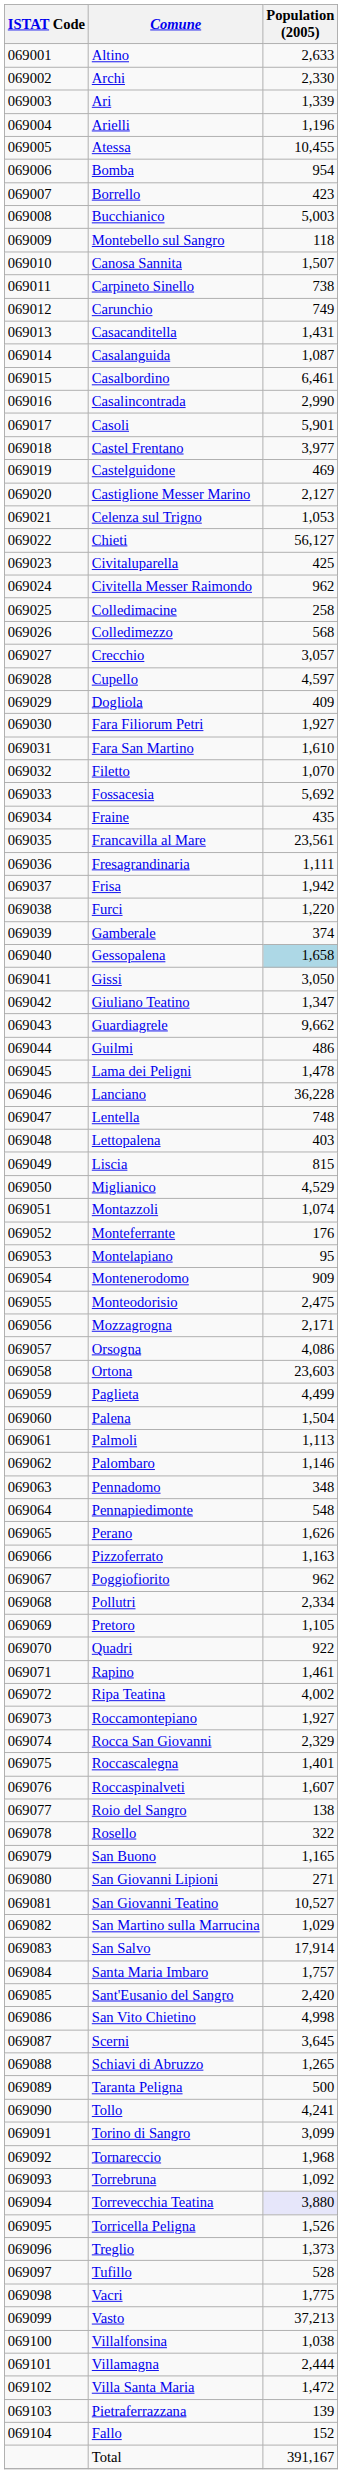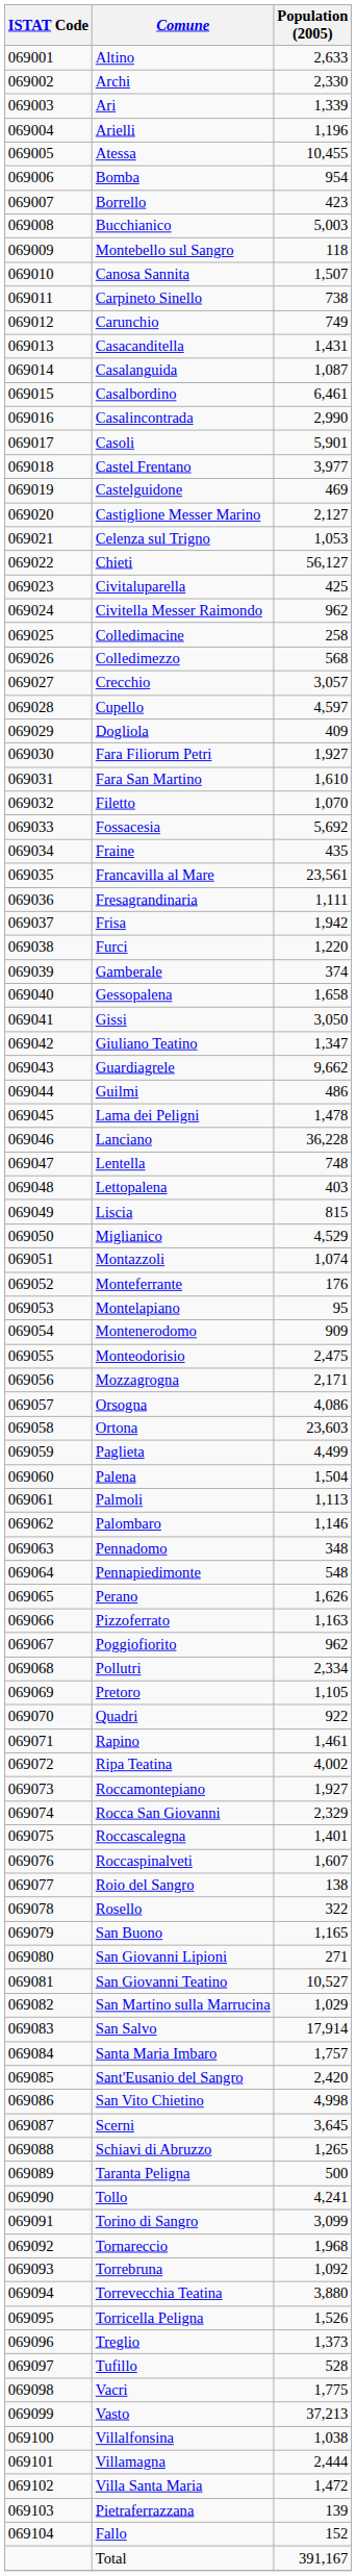 <table class="wikitable sortable">
 <tr>
 <th><a href='#'>ISTAT</a> Code</th>
 <th><em><a href='#'>Comune</a></em></th>
 <th>Population <br>(2005)</th>
 </tr>
 <tr>
 <td>069001</td>
 <td><a href='#'>Altino</a></td>
 <td align="right">2,633</td>
 </tr>
 <tr>
 <td>069002</td>
 <td><a href='#'>Archi</a></td>
 <td align="right">2,330</td>
 </tr>
 <tr>
 <td>069003</td>
 <td><a href='#'>Ari</a></td>
 <td align="right">1,339</td>
 </tr>
 <tr>
 <td>069004</td>
 <td><a href='#'>Arielli</a></td>
 <td align="right">1,196</td>
 </tr>
 <tr>
 <td>069005</td>
 <td><a href='#'>Atessa</a></td>
 <td align="right">10,455</td>
 </tr>
 <tr>
 <td>069006</td>
 <td><a href='#'>Bomba</a></td>
 <td align="right">954</td>
 </tr>
 <tr>
 <td>069007</td>
 <td><a href='#'>Borrello</a></td>
 <td align="right">423</td>
 </tr>
 <tr>
 <td>069008</td>
 <td><a href='#'>Bucchianico</a></td>
 <td align="right">5,003</td>
 </tr>
 <tr>
 <td>069009</td>
 <td><a href='#'>Montebello sul Sangro</a></td>
 <td align="right">118</td>
 </tr>
 <tr>
 <td>069010</td>
 <td><a href='#'>Canosa Sannita</a></td>
 <td align="right">1,507</td>
 </tr>
 <tr>
 <td>069011</td>
 <td><a href='#'>Carpineto Sinello</a></td>
 <td align="right">738</td>
 </tr>
 <tr>
 <td>069012</td>
 <td><a href='#'>Carunchio</a></td>
 <td align="right">749</td>
 </tr>
 <tr>
 <td>069013</td>
 <td><a href='#'>Casacanditella</a></td>
 <td align="right">1,431</td>
 </tr>
 <tr>
 <td>069014</td>
 <td><a href='#'>Casalanguida</a></td>
 <td align="right">1,087</td>
 </tr>
 <tr>
 <td>069015</td>
 <td><a href='#'>Casalbordino</a></td>
 <td align="right">6,461</td>
 </tr>
 <tr>
 <td>069016</td>
 <td><a href='#'>Casalincontrada</a></td>
 <td align="right">2,990</td>
 </tr>
 <tr>
 <td>069017</td>
 <td><a href='#'>Casoli</a></td>
 <td align="right">5,901</td>
 </tr>
 <tr>
 <td>069018</td>
 <td><a href='#'>Castel Frentano</a></td>
 <td align="right">3,977</td>
 </tr>
 <tr>
 <td>069019</td>
 <td><a href='#'>Castelguidone</a></td>
 <td align="right">469</td>
 </tr>
 <tr>
 <td>069020</td>
 <td><a href='#'>Castiglione Messer Marino</a></td>
 <td align="right">2,127</td>
 </tr>
 <tr>
 <td>069021</td>
 <td><a href='#'>Celenza sul Trigno</a></td>
 <td align="right">1,053</td>
 </tr>
 <tr>
 <td>069022</td>
 <td><a href='#'>Chieti</a></td>
 <td align="right">56,127</td>
 </tr>
 <tr>
 <td>069023</td>
 <td><a href='#'>Civitaluparella</a></td>
 <td align="right">425</td>
 </tr>
 <tr>
 <td>069024</td>
 <td><a href='#'>Civitella Messer Raimondo</a></td>
 <td align="right">962</td>
 </tr>
 <tr>
 <td>069025</td>
 <td><a href='#'>Colledimacine</a></td>
 <td align="right">258</td>
 </tr>
 <tr>
 <td>069026</td>
 <td><a href='#'>Colledimezzo</a></td>
 <td align="right">568</td>
 </tr>
 <tr>
 <td>069027</td>
 <td><a href='#'>Crecchio</a></td>
 <td align="right">3,057</td>
 </tr>
 <tr>
 <td>069028</td>
 <td><a href='#'>Cupello</a></td>
 <td align="right">4,597</td>
 </tr>
 <tr>
 <td>069029</td>
 <td><a href='#'>Dogliola</a></td>
 <td align="right">409</td>
 </tr>
 <tr>
 <td>069030</td>
 <td><a href='#'>Fara Filiorum Petri</a></td>
 <td align="right">1,927</td>
 </tr>
 <tr>
 <td>069031</td>
 <td><a href='#'>Fara San Martino</a></td>
 <td align="right">1,610</td>
 </tr>
 <tr>
 <td>069032</td>
 <td><a href='#'>Filetto</a></td>
 <td align="right">1,070</td>
 </tr>
 <tr>
 <td>069033</td>
 <td><a href='#'>Fossacesia</a></td>
 <td align="right">5,692</td>
 </tr>
 <tr>
 <td>069034</td>
 <td><a href='#'>Fraine</a></td>
 <td align="right">435</td>
 </tr>
 <tr>
 <td>069035</td>
 <td><a href='#'>Francavilla al Mare</a></td>
 <td align="right">23,561</td>
 </tr>
 <tr>
 <td>069036</td>
 <td><a href='#'>Fresagrandinaria</a></td>
 <td align="right">1,111</td>
 </tr>
 <tr>
 <td>069037</td>
 <td><a href='#'>Frisa</a></td>
 <td align="right">1,942</td>
 </tr>
 <tr>
 <td>069038</td>
 <td><a href='#'>Furci</a></td>
 <td align="right">1,220</td>
 </tr>
 <tr>
 <td>069039</td>
 <td><a href='#'>Gamberale</a></td>
 <td align="right">374</td>
 </tr>
 <tr>
 <td>069040</td>
 <td><a href='#'>Gessopalena</a></td>
-<td align="right" style="background: lightblue;">1,658</td>
+<td align="right">1,658</td>
 </tr>
 <tr>
 <td>069041</td>
 <td><a href='#'>Gissi</a></td>
 <td align="right">3,050</td>
 </tr>
 <tr>
 <td>069042</td>
 <td><a href='#'>Giuliano Teatino</a></td>
 <td align="right">1,347</td>
 </tr>
 <tr>
 <td>069043</td>
 <td><a href='#'>Guardiagrele</a></td>
 <td align="right">9,662</td>
 </tr>
 <tr>
 <td>069044</td>
 <td><a href='#'>Guilmi</a></td>
 <td align="right">486</td>
 </tr>
 <tr>
 <td>069045</td>
 <td><a href='#'>Lama dei Peligni</a></td>
 <td align="right">1,478</td>
 </tr>
 <tr>
 <td>069046</td>
 <td><a href='#'>Lanciano</a></td>
 <td align="right">36,228</td>
 </tr>
 <tr>
 <td>069047</td>
 <td><a href='#'>Lentella</a></td>
 <td align="right">748</td>
 </tr>
 <tr>
 <td>069048</td>
 <td><a href='#'>Lettopalena</a></td>
 <td align="right">403</td>
 </tr>
 <tr>
 <td>069049</td>
 <td><a href='#'>Liscia</a></td>
 <td align="right">815</td>
 </tr>
 <tr>
 <td>069050</td>
 <td><a href='#'>Miglianico</a></td>
 <td align="right">4,529</td>
 </tr>
 <tr>
 <td>069051</td>
 <td><a href='#'>Montazzoli</a></td>
 <td align="right">1,074</td>
 </tr>
 <tr>
 <td>069052</td>
 <td><a href='#'>Monteferrante</a></td>
 <td align="right">176</td>
 </tr>
 <tr>
 <td>069053</td>
 <td><a href='#'>Montelapiano</a></td>
 <td align="right">95</td>
 </tr>
 <tr>
 <td>069054</td>
 <td><a href='#'>Montenerodomo</a></td>
 <td align="right">909</td>
 </tr>
 <tr>
 <td>069055</td>
 <td><a href='#'>Monteodorisio</a></td>
 <td align="right">2,475</td>
 </tr>
 <tr>
 <td>069056</td>
 <td><a href='#'>Mozzagrogna</a></td>
 <td align="right">2,171</td>
 </tr>
 <tr>
 <td>069057</td>
 <td><a href='#'>Orsogna</a></td>
 <td align="right">4,086</td>
 </tr>
 <tr>
 <td>069058</td>
 <td><a href='#'>Ortona</a></td>
 <td align="right">23,603</td>
 </tr>
 <tr>
 <td>069059</td>
 <td><a href='#'>Paglieta</a></td>
 <td align="right">4,499</td>
 </tr>
 <tr>
 <td>069060</td>
 <td><a href='#'>Palena</a></td>
 <td align="right">1,504</td>
 </tr>
 <tr>
 <td>069061</td>
 <td><a href='#'>Palmoli</a></td>
 <td align="right">1,113</td>
 </tr>
 <tr>
 <td>069062</td>
 <td><a href='#'>Palombaro</a></td>
 <td align="right">1,146</td>
 </tr>
 <tr>
 <td>069063</td>
 <td><a href='#'>Pennadomo</a></td>
 <td align="right">348</td>
 </tr>
 <tr>
 <td>069064</td>
 <td><a href='#'>Pennapiedimonte</a></td>
 <td align="right">548</td>
 </tr>
 <tr>
 <td>069065</td>
 <td><a href='#'>Perano</a></td>
 <td align="right">1,626</td>
 </tr>
 <tr>
 <td>069066</td>
 <td><a href='#'>Pizzoferrato</a></td>
 <td align="right">1,163</td>
 </tr>
 <tr>
 <td>069067</td>
 <td><a href='#'>Poggiofiorito</a></td>
 <td align="right">962</td>
 </tr>
 <tr>
 <td>069068</td>
 <td><a href='#'>Pollutri</a></td>
 <td align="right">2,334</td>
 </tr>
 <tr>
 <td>069069</td>
 <td><a href='#'>Pretoro</a></td>
 <td align="right">1,105</td>
 </tr>
 <tr>
 <td>069070</td>
 <td><a href='#'>Quadri</a></td>
 <td align="right">922</td>
 </tr>
 <tr>
 <td>069071</td>
 <td><a href='#'>Rapino</a></td>
 <td align="right">1,461</td>
 </tr>
 <tr>
 <td>069072</td>
 <td><a href='#'>Ripa Teatina</a></td>
 <td align="right">4,002</td>
 </tr>
 <tr>
 <td>069073</td>
 <td><a href='#'>Roccamontepiano</a></td>
 <td align="right">1,927</td>
 </tr>
 <tr>
 <td>069074</td>
 <td><a href='#'>Rocca San Giovanni</a></td>
 <td align="right">2,329</td>
 </tr>
 <tr>
 <td>069075</td>
 <td><a href='#'>Roccascalegna</a></td>
 <td align="right">1,401</td>
 </tr>
 <tr>
 <td>069076</td>
 <td><a href='#'>Roccaspinalveti</a></td>
 <td align="right">1,607</td>
 </tr>
 <tr>
 <td>069077</td>
 <td><a href='#'>Roio del Sangro</a></td>
 <td align="right">138</td>
 </tr>
 <tr>
 <td>069078</td>
 <td><a href='#'>Rosello</a></td>
 <td align="right">322</td>
 </tr>
 <tr>
 <td>069079</td>
 <td><a href='#'>San Buono</a></td>
 <td align="right">1,165</td>
 </tr>
 <tr>
 <td>069080</td>
 <td><a href='#'>San Giovanni Lipioni</a></td>
 <td align="right">271</td>
 </tr>
 <tr>
 <td>069081</td>
 <td><a href='#'>San Giovanni Teatino</a></td>
 <td align="right">10,527</td>
 </tr>
 <tr>
 <td>069082</td>
 <td><a href='#'>San Martino sulla Marrucina</a></td>
 <td align="right">1,029</td>
 </tr>
 <tr>
 <td>069083</td>
 <td><a href='#'>San Salvo</a></td>
 <td align="right">17,914</td>
 </tr>
 <tr>
 <td>069084</td>
 <td><a href='#'>Santa Maria Imbaro</a></td>
 <td align="right">1,757</td>
 </tr>
 <tr>
 <td>069085</td>
 <td><a href='#'>Sant'Eusanio del Sangro</a></td>
 <td align="right">2,420</td>
 </tr>
 <tr>
 <td>069086</td>
 <td><a href='#'>San Vito Chietino</a></td>
 <td align="right">4,998</td>
 </tr>
 <tr>
 <td>069087</td>
 <td><a href='#'>Scerni</a></td>
 <td align="right">3,645</td>
 </tr>
 <tr>
 <td>069088</td>
 <td><a href='#'>Schiavi di Abruzzo</a></td>
 <td align="right">1,265</td>
 </tr>
 <tr>
 <td>069089</td>
 <td><a href='#'>Taranta Peligna</a></td>
 <td align="right">500</td>
 </tr>
 <tr>
 <td>069090</td>
 <td><a href='#'>Tollo</a></td>
 <td align="right">4,241</td>
 </tr>
 <tr>
 <td>069091</td>
 <td><a href='#'>Torino di Sangro</a></td>
 <td align="right">3,099</td>
 </tr>
 <tr>
 <td>069092</td>
 <td><a href='#'>Tornareccio</a></td>
 <td align="right">1,968</td>
 </tr>
 <tr>
 <td>069093</td>
 <td><a href='#'>Torrebruna</a></td>
 <td align="right">1,092</td>
 </tr>
 <tr>
 <td>069094</td>
 <td><a href='#'>Torrevecchia Teatina</a></td>
-<td align="right" style="background: lavender;">3,880</td>
+<td align="right">3,880</td>
 </tr>
 <tr>
 <td>069095</td>
 <td><a href='#'>Torricella Peligna</a></td>
 <td align="right">1,526</td>
 </tr>
 <tr>
 <td>069096</td>
 <td><a href='#'>Treglio</a></td>
 <td align="right">1,373</td>
 </tr>
 <tr>
 <td>069097</td>
 <td><a href='#'>Tufillo</a></td>
 <td align="right">528</td>
 </tr>
 <tr>
 <td>069098</td>
 <td><a href='#'>Vacri</a></td>
 <td align="right">1,775</td>
 </tr>
 <tr>
 <td>069099</td>
 <td><a href='#'>Vasto</a></td>
 <td align="right">37,213</td>
 </tr>
 <tr>
 <td>069100</td>
 <td><a href='#'>Villalfonsina</a></td>
 <td align="right">1,038</td>
 </tr>
 <tr>
 <td>069101</td>
 <td><a href='#'>Villamagna</a></td>
 <td align="right">2,444</td>
 </tr>
 <tr>
 <td>069102</td>
 <td><a href='#'>Villa Santa Maria</a></td>
 <td align="right">1,472</td>
 </tr>
 <tr>
 <td>069103</td>
 <td><a href='#'>Pietraferrazzana</a></td>
 <td align="right">139</td>
 </tr>
 <tr>
 <td>069104</td>
 <td><a href='#'>Fallo</a></td>
 <td align="right">152</td>
 </tr>
 <tr>
 <td></td>
 <td>Total</td>
 <td align="right">391,167</td>
 </tr>
 <tr>
 </tr>
 </table>
